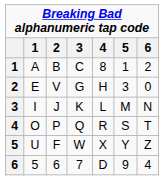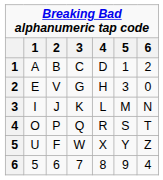 <table class="wikitable" align=right style="width:100%; width:200px; text-align:center;">
 <tr>
 <td colspan=7><strong><em><a href='#'>Breaking Bad</a><em> alphanumeric tap code<strong></td>
 </tr>
 <tr>
 <th></th>
 <th>1</th>
 <th>2</th>
 <th>3</th>
 <th>4</th>
 <th>5</th>
 <th>6</th>
 </tr>
 <tr>
 <th>1</th>
 <td>А</td>
 <td>B</td>
 <td>C</td>
-<td>8</td>
+<td>D</td>
 <td>1</td>
 <td>2</td>
 </tr>
 <tr>
 <th>2</th>
 <td>E</td>
 <td>V</td>
 <td>G</td>
 <td>H</td>
 <td>3</td>
 <td>0</td>
 </tr>
 <tr>
 <th>3</th>
 <td>I</td>
 <td>J</td>
 <td>K</td>
 <td>L</td>
 <td>M</td>
 <td>N</td>
 </tr>
 <tr>
 <th>4</th>
 <td>O</td>
 <td>P</td>
 <td>Q</td>
 <td>R</td>
 <td>S</td>
 <td>T</td>
 </tr>
 <tr>
 <th>5</th>
 <td>U</td>
 <td>F</td>
 <td>W</td>
 <td>X</td>
 <td>Y</td>
 <td>Z</td>
 </tr>
 <tr>
 <th>6</th>
 <td>5</td>
 <td>6</td>
 <td>7</td>
-<td>D</td>
+<td>8</td>
 <td>9</td>
 <td>4</td>
 </tr>
 </table>
